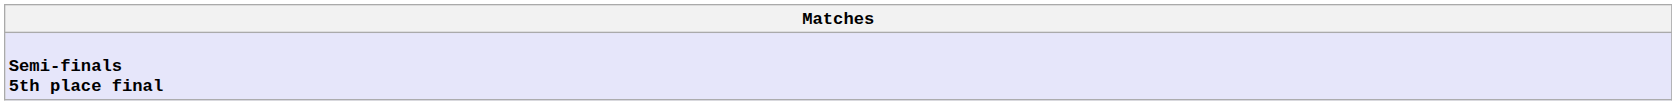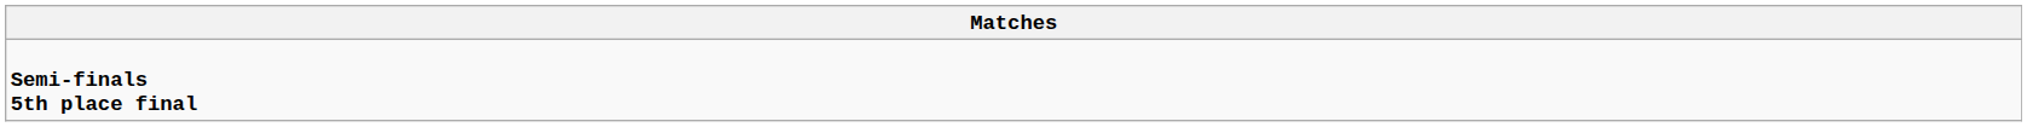 <table class="wikitable collapsible collapsed" style="width:100%;">
 <tr>
 <th>Matches</th>
 </tr>
 <tr>
-<td style="background: lavender;"><br><strong>Semi-finals</strong>  <br><strong>5th place final</strong> </td>
+<td><br><strong>Semi-finals</strong>  <br><strong>5th place final</strong> </td>
 </tr>
 </table>
